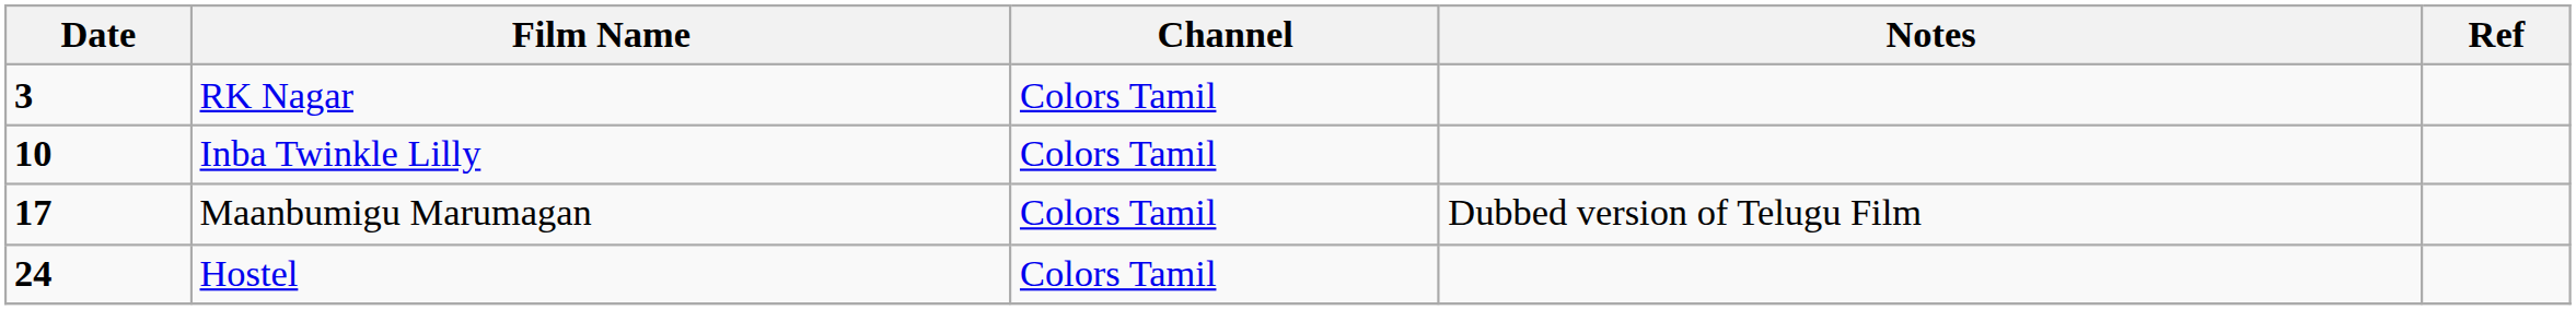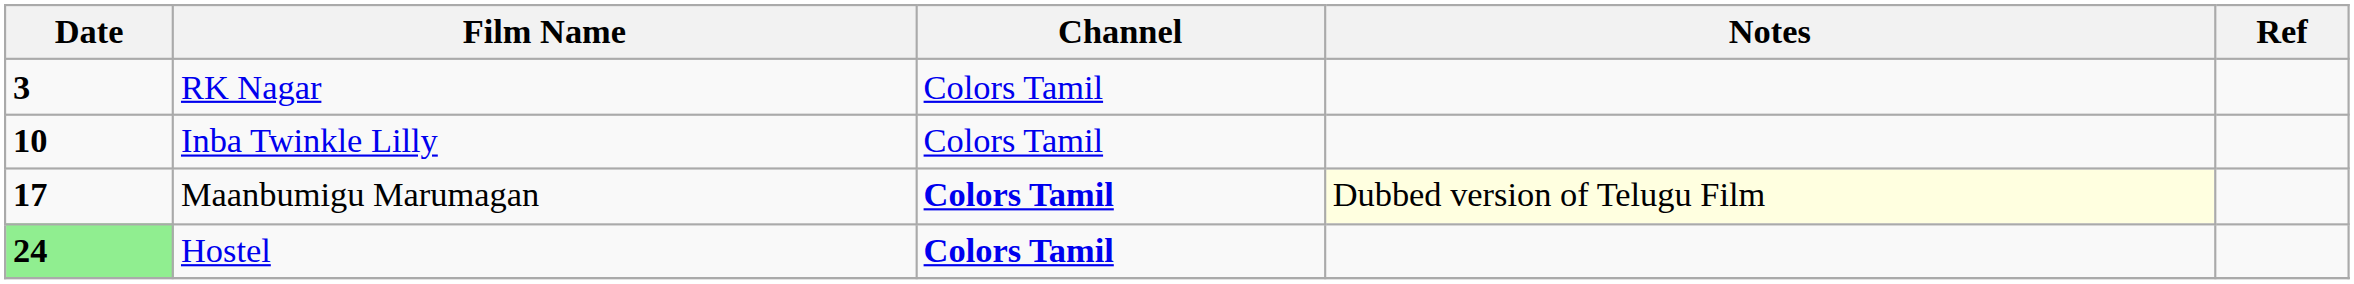 <table class="wikitable" width="55%">
 <tr>
 <th>Date</th>
 <th>Film Name</th>
 <th>Channel</th>
 <th>Notes</th>
 <th>Ref</th>
 </tr>
 <tr>
 <td rowspan="1"><strong>3</strong></td>
 <td><a href='#'>RK Nagar</a></td>
 <td><a href='#'>Colors Tamil</a></td>
 <td></td>
 <td></td>
 </tr>
 <tr>
 <td rowspan="1"><strong>10</strong></td>
 <td><a href='#'>Inba Twinkle Lilly</a></td>
 <td><a href='#'>Colors Tamil</a></td>
 <td></td>
 <td></td>
 </tr>
 <tr>
 <td rowspan="1"><strong>17</strong></td>
 <td>Maanbumigu Marumagan</td>
-<td><a href='#'>Colors Tamil</a></td>
-<td>Dubbed version of Telugu Film</td>
+<td><strong><a href='#'>Colors Tamil</a></strong></td>
+<td style="background: lightyellow;">Dubbed version of Telugu Film</td>
 <td></td>
 </tr>
 <tr>
-<td rowspan="1"><strong>24</strong></td>
+<td rowspan="1" style="background: lightgreen;"><strong>24</strong></td>
 <td><a href='#'>Hostel</a></td>
-<td><a href='#'>Colors Tamil</a></td>
+<td><strong><a href='#'>Colors Tamil</a></strong></td>
 <td></td>
 <td></td>
 </tr>
 <tr>
 </tr>
 </table>
